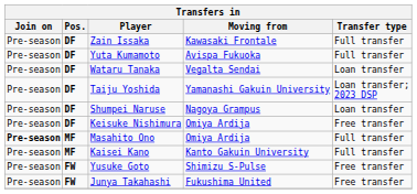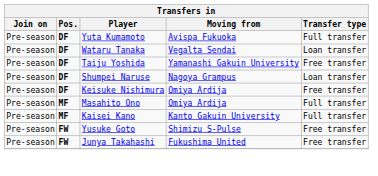 <table class="wikitable sortable" style=“text-align:left;>
 <tr>
 <th colspan="5">Transfers in</th>
 </tr>
 <tr>
 <th>Join on</th>
 <th>Pos.</th>
 <th>Player</th>
 <th>Moving from</th>
 <th>Transfer type</th>
-</tr>
-<tr>
-<td>Pre-season</td>
-<td><strong>DF</strong></td>
-<td> <a href='#'>Zain Issaka</a></td>
-<td> <a href='#'>Kawasaki Frontale</a></td>
-<td>Full transfer</td>
 </tr>
 <tr>
 <td>Pre-season</td>
 <td><strong>DF</strong></td>
 <td> <a href='#'>Yuta Kumamoto</a></td>
 <td> <a href='#'>Avispa Fukuoka</a></td>
 <td>Full transfer</td>
 </tr>
 <tr>
 <td>Pre-season</td>
 <td><strong>DF</strong></td>
 <td> <a href='#'>Wataru Tanaka</a></td>
 <td> <a href='#'>Vegalta Sendai</a></td>
 <td>Loan transfer</td>
 </tr>
 <tr>
 <td>Pre-season</td>
 <td><strong>DF</strong></td>
 <td> <a href='#'>Taiju Yoshida</a></td>
 <td> <a href='#'>Yamanashi Gakuin University</a></td>
-<td>Loan transfer;<br> <a href='#'>2023 DSP</a></td>
+<td>Free transfer</td>
 </tr>
 <tr>
 <td>Pre-season</td>
 <td><strong>DF</strong></td>
 <td> <a href='#'>Shumpei Naruse</a></td>
 <td> <a href='#'>Nagoya Grampus</a></td>
 <td>Loan transfer</td>
 </tr>
 <tr>
 <td>Pre-season</td>
 <td><strong>DF</strong></td>
 <td> <a href='#'>Keisuke Nishimura</a></td>
 <td> <a href='#'>Omiya Ardija</a></td>
 <td>Free transfer</td>
 </tr>
 <tr>
-<td><strong>Pre-season</strong></td>
+<td>Pre-season</td>
 <td><strong>MF</strong></td>
 <td> <a href='#'>Masahito Ono</a></td>
 <td> <a href='#'>Omiya Ardija</a></td>
 <td>Full transfer</td>
 </tr>
 <tr>
 <td>Pre-season</td>
 <td><strong>MF</strong></td>
 <td> <a href='#'>Kaisei Kano</a></td>
 <td> <a href='#'>Kanto Gakuin University</a></td>
 <td>Full transfer</td>
 </tr>
 <tr>
 <td>Pre-season</td>
 <td><strong>FW</strong></td>
 <td> <a href='#'>Yusuke Goto</a></td>
 <td> <a href='#'>Shimizu S-Pulse</a></td>
 <td>Free transfer</td>
 </tr>
 <tr>
 <td>Pre-season</td>
 <td><strong>FW</strong></td>
 <td> <a href='#'>Junya Takahashi</a></td>
 <td> <a href='#'>Fukushima United</a></td>
 <td>Free transfer</td>
 </tr>
 <tr>
 </tr>
 </table>
